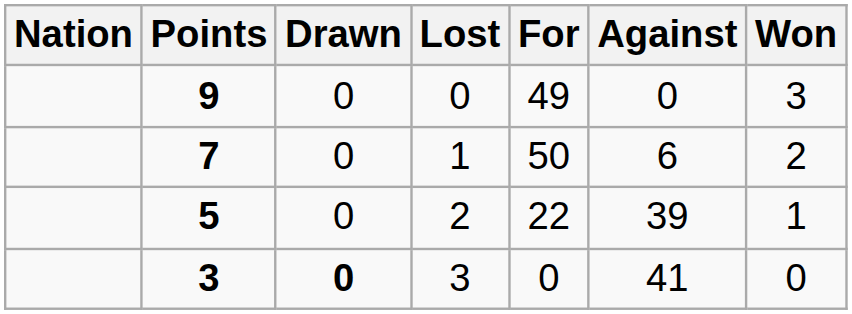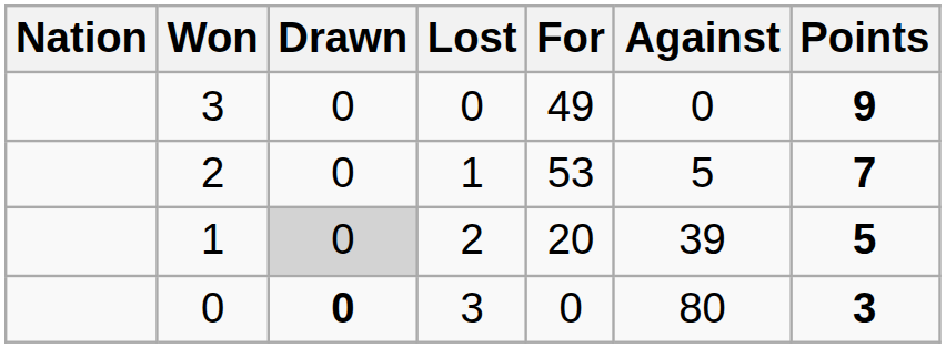 <table class="wikitable" style="text-align: center;">
 <tr>
 <th>Nation</th>
-<th>Points</th>
+<th>Won</th>
 <th>Drawn</th>
 <th>Lost</th>
 <th>For</th>
 <th>Against</th>
-<th>Won</th>
+<th>Points</th>
 </tr>
 <tr>
 <td align="left"></td>
-<td><strong>9</strong></td>
+<td>3</td>
 <td>0</td>
 <td>0</td>
 <td>49</td>
 <td>0</td>
-<td>3</td>
+<td><strong>9</strong></td>
 </tr>
 <tr>
 <td align="left"></td>
-<td><strong>7</strong></td>
+<td>2</td>
 <td>0</td>
 <td>1</td>
-<td>50</td>
-<td>6</td>
-<td>2</td>
+<td>53</td>
+<td>5</td>
+<td><strong>7</strong></td>
 </tr>
 <tr>
 <td align="left"></td>
+<td>1</td>
+<td style="background: lightgrey;">0</td>
+<td>2</td>
+<td>20</td>
+<td>39</td>
 <td><strong>5</strong></td>
-<td>0</td>
-<td>2</td>
-<td>22</td>
-<td>39</td>
-<td>1</td>
 </tr>
 <tr>
 <td align="left"></td>
-<td><strong>3</strong></td>
+<td>0</td>
 <td><strong>0</strong></td>
 <td>3</td>
 <td>0</td>
-<td>41</td>
-<td>0</td>
+<td>80</td>
+<td><strong>3</strong></td>
 </tr>
 </table>
